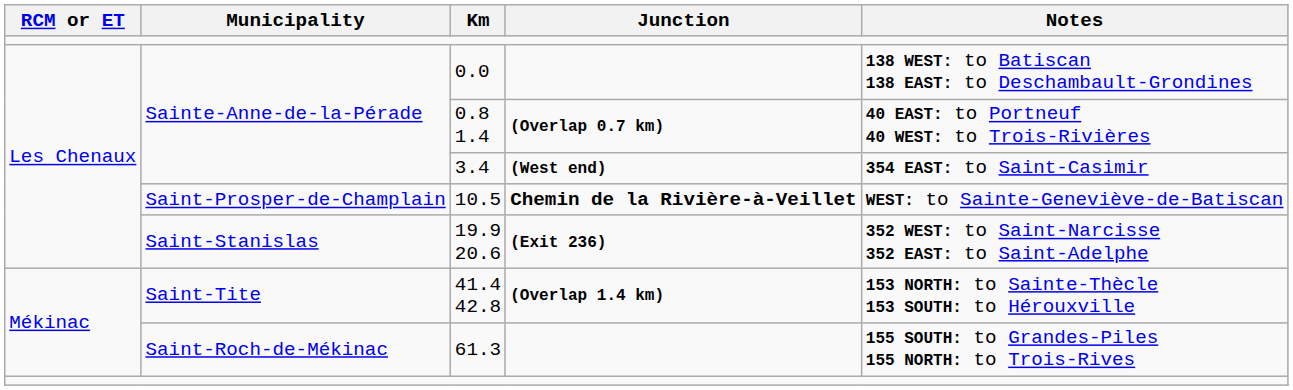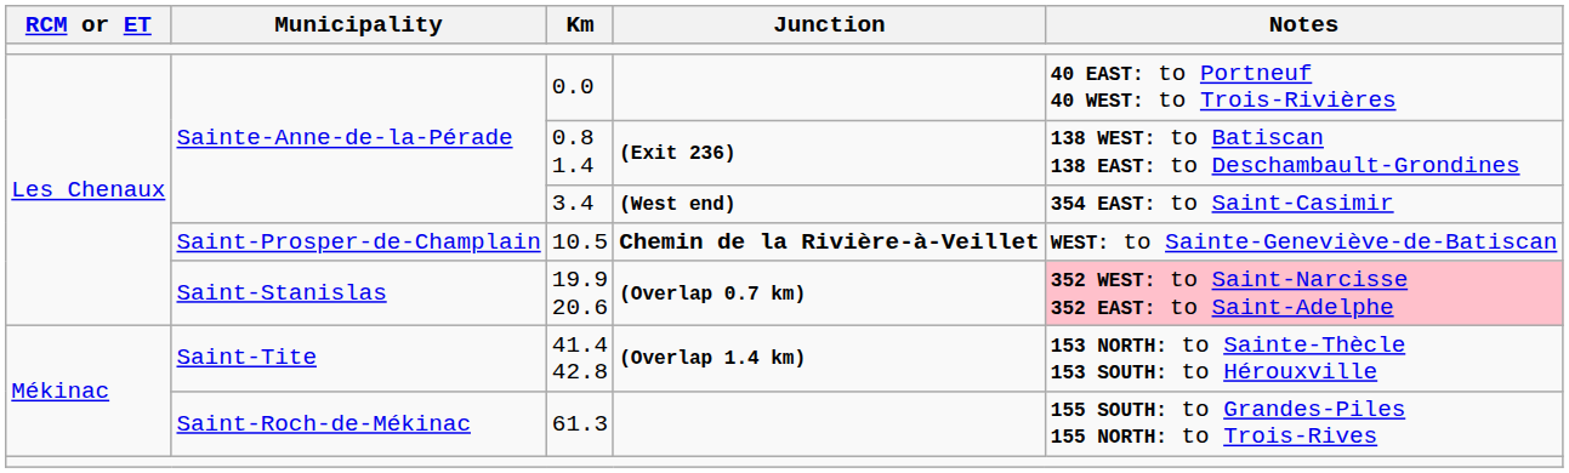 <table class=wikitable>
 <tr>
 <th><a href='#'>RCM</a> or <a href='#'>ET</a></th>
 <th>Municipality</th>
 <th>Km</th>
 <th>Junction</th>
 <th>Notes</th>
 </tr>
 <tr>
 <td colspan="5"></td>
 </tr>
 <tr>
 <td rowspan="5"><a href='#'>Les Chenaux</a></td>
 <td rowspan="3"><a href='#'>Sainte-Anne-de-la-Pérade</a></td>
 <td>0.0</td>
 <td></td>
-<td><small><strong>138 WEST:</strong></small> to <a href='#'>Batiscan</a> <br> <small><strong>138 EAST:</strong></small> to <a href='#'>Deschambault-Grondines</a></td>
+<td><small><strong>40 EAST:</strong></small> to <a href='#'>Portneuf</a> <br> <small><strong>40 WEST:</strong></small> to <a href='#'>Trois-Rivières</a></td>
 </tr>
 <tr>
 <td>0.8 <br> 1.4</td>
-<td> <small><strong>(Overlap 0.7 km)</strong></small></td>
-<td><small><strong>40 EAST:</strong></small> to <a href='#'>Portneuf</a> <br> <small><strong>40 WEST:</strong></small> to <a href='#'>Trois-Rivières</a></td>
+<td> <small><strong>(Exit 236)</strong></small></td>
+<td><small><strong>138 WEST:</strong></small> to <a href='#'>Batiscan</a> <br> <small><strong>138 EAST:</strong></small> to <a href='#'>Deschambault-Grondines</a></td>
 </tr>
 <tr>
 <td>3.4</td>
 <td> <small><strong>(West end)</strong></small></td>
 <td><small><strong>354 EAST:</strong></small> to <a href='#'>Saint-Casimir</a></td>
 </tr>
 <tr>
 <td><a href='#'>Saint-Prosper-de-Champlain</a></td>
 <td>10.5</td>
 <td><strong>Chemin de la Rivière-à-Veillet</strong></td>
 <td><small><strong>WEST:</strong></small> to <a href='#'>Sainte-Geneviève-de-Batiscan</a></td>
 </tr>
 <tr>
 <td><a href='#'>Saint-Stanislas</a></td>
 <td>19.9 <br> 20.6</td>
-<td> <small><strong>(Exit 236)</strong></small></td>
-<td><small><strong>352 WEST:</strong></small> to <a href='#'>Saint-Narcisse</a> <br> <small><strong>352 EAST:</strong></small> to <a href='#'>Saint-Adelphe</a></td>
+<td> <small><strong>(Overlap 0.7 km)</strong></small></td>
+<td style="background: pink;"><small><strong>352 WEST:</strong></small> to <a href='#'>Saint-Narcisse</a> <br> <small><strong>352 EAST:</strong></small> to <a href='#'>Saint-Adelphe</a></td>
 </tr>
 <tr>
 <td rowspan="2"><a href='#'>Mékinac</a></td>
 <td><a href='#'>Saint-Tite</a></td>
 <td>41.4 <br> 42.8</td>
 <td> <small><strong>(Overlap 1.4 km)</strong></small></td>
 <td><small><strong>153 NORTH:</strong></small> to <a href='#'>Sainte-Thècle</a> <br> <small><strong>153 SOUTH:</strong></small> to <a href='#'>Hérouxville</a></td>
 </tr>
 <tr>
 <td><a href='#'>Saint-Roch-de-Mékinac</a></td>
 <td>61.3</td>
 <td></td>
 <td><small><strong>155 SOUTH:</strong></small> to <a href='#'>Grandes-Piles</a> <br> <small><strong>155 NORTH:</strong></small> to <a href='#'>Trois-Rives</a></td>
 </tr>
 <tr>
 <td colspan="5"></td>
 </tr>
 </table>
